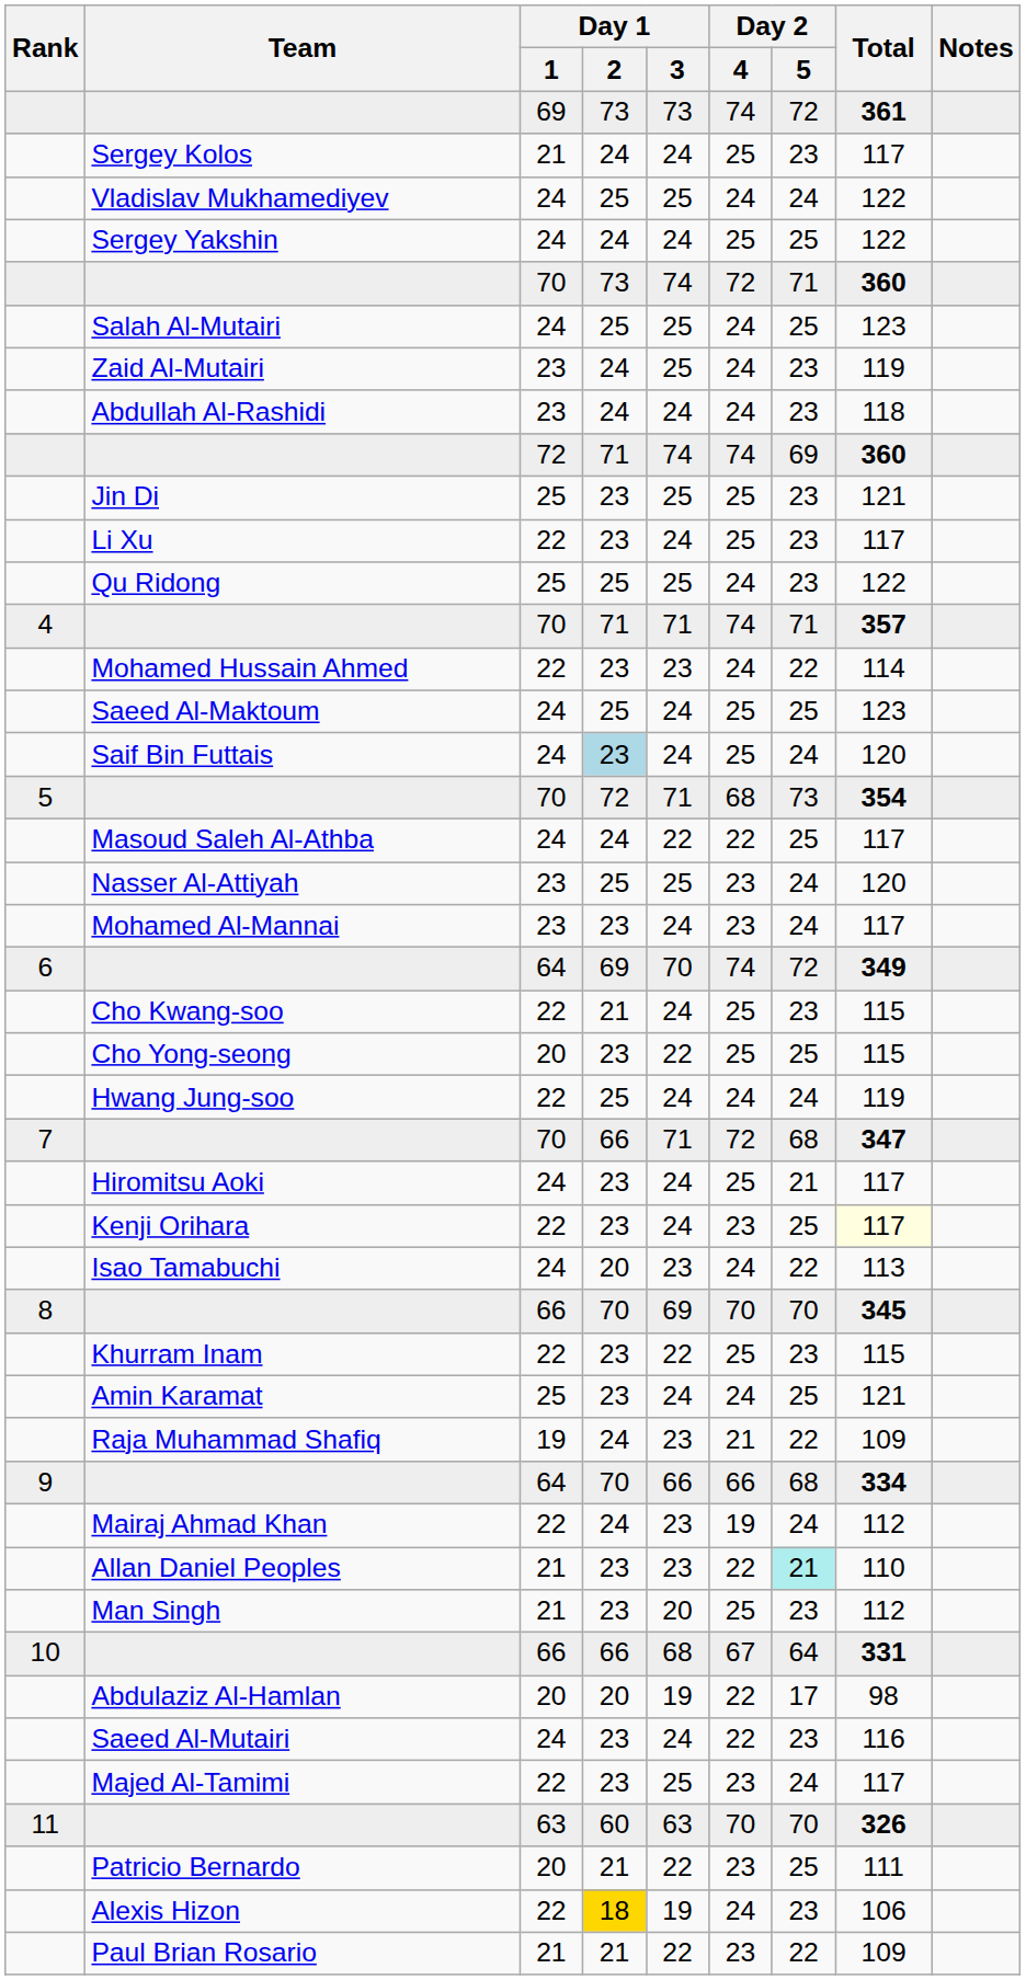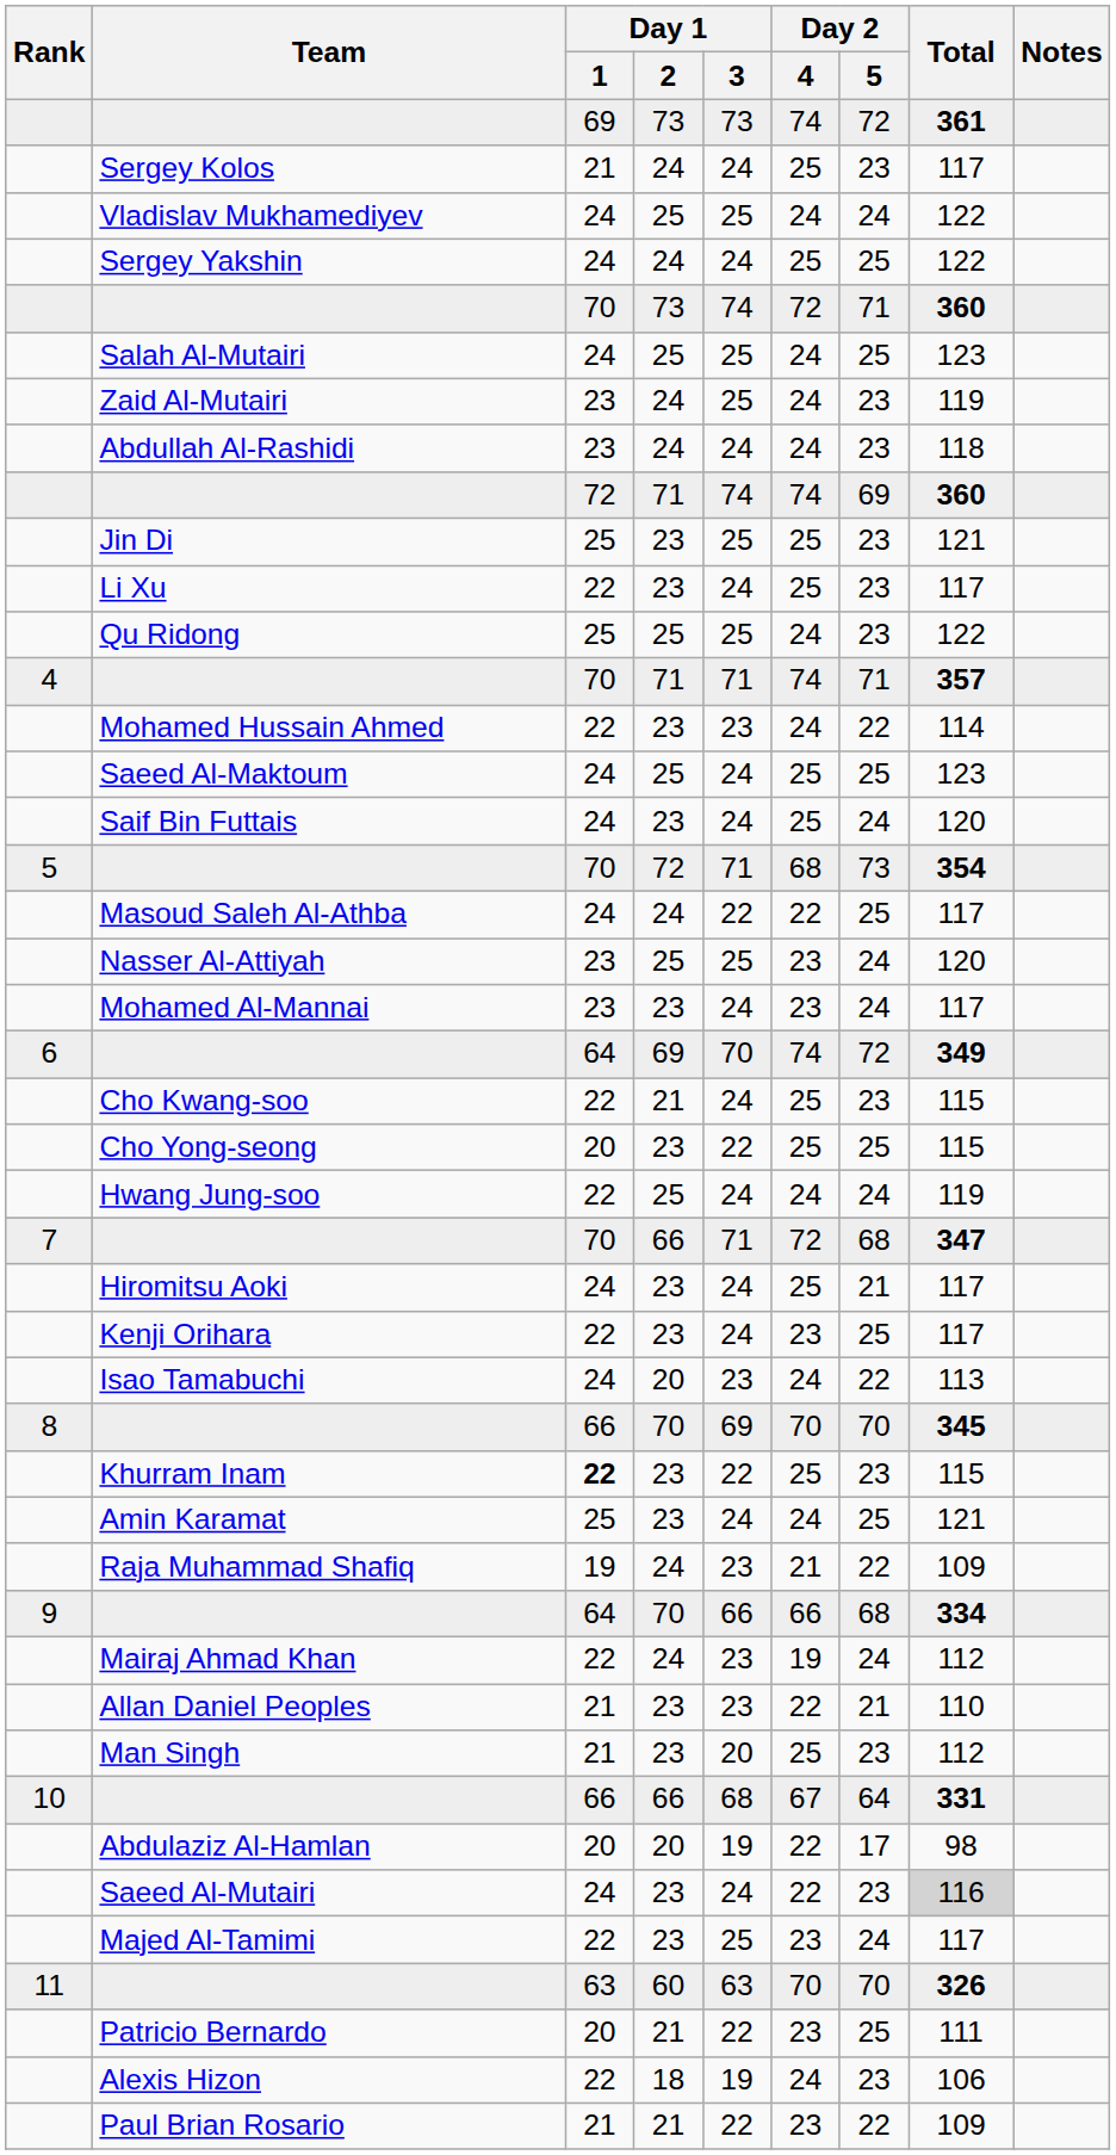 <table class="wikitable" style="text-align:center">
 <tr>
 <th rowspan=2 width=40>Rank</th>
 <th rowspan=2 width=250>Team</th>
 <th colspan=3>Day 1</th>
 <th colspan=2>Day 2</th>
 <th rowspan=2 width=50>Total</th>
 <th rowspan=2 width=45>Notes</th>
 </tr>
 <tr>
 <th width=30>1</th>
 <th width=30>2</th>
 <th width=30>3</th>
 <th width=30>4</th>
 <th width=30>5</th>
 </tr>
 <tr bgcolor=eeeeee>
 <td></td>
 <td align=left></td>
 <td>69</td>
 <td>73</td>
 <td>73</td>
 <td>74</td>
 <td>72</td>
 <td><strong>361</strong></td>
 <td></td>
 </tr>
 <tr>
 <td></td>
 <td align=left><a href='#'>Sergey Kolos</a></td>
 <td>21</td>
 <td>24</td>
 <td>24</td>
 <td>25</td>
 <td>23</td>
 <td>117</td>
 <td></td>
 </tr>
 <tr>
 <td></td>
 <td align=left><a href='#'>Vladislav Mukhamediyev</a></td>
 <td>24</td>
 <td>25</td>
 <td>25</td>
 <td>24</td>
 <td>24</td>
 <td>122</td>
 <td></td>
 </tr>
 <tr>
 <td></td>
 <td align=left><a href='#'>Sergey Yakshin</a></td>
 <td>24</td>
 <td>24</td>
 <td>24</td>
 <td>25</td>
 <td>25</td>
 <td>122</td>
 <td></td>
 </tr>
 <tr bgcolor=eeeeee>
 <td></td>
 <td align=left></td>
 <td>70</td>
 <td>73</td>
 <td>74</td>
 <td>72</td>
 <td>71</td>
 <td><strong>360</strong></td>
 <td></td>
 </tr>
 <tr>
 <td></td>
 <td align=left><a href='#'>Salah Al-Mutairi</a></td>
 <td>24</td>
 <td>25</td>
 <td>25</td>
 <td>24</td>
 <td>25</td>
 <td>123</td>
 <td></td>
 </tr>
 <tr>
 <td></td>
 <td align=left><a href='#'>Zaid Al-Mutairi</a></td>
 <td>23</td>
 <td>24</td>
 <td>25</td>
 <td>24</td>
 <td>23</td>
 <td>119</td>
 <td></td>
 </tr>
 <tr>
 <td></td>
 <td align=left><a href='#'>Abdullah Al-Rashidi</a></td>
 <td>23</td>
 <td>24</td>
 <td>24</td>
 <td>24</td>
 <td>23</td>
 <td>118</td>
 <td></td>
 </tr>
 <tr bgcolor=eeeeee>
 <td></td>
 <td align=left></td>
 <td>72</td>
 <td>71</td>
 <td>74</td>
 <td>74</td>
 <td>69</td>
 <td><strong>360</strong></td>
 <td></td>
 </tr>
 <tr>
 <td></td>
 <td align=left><a href='#'>Jin Di</a></td>
 <td>25</td>
 <td>23</td>
 <td>25</td>
 <td>25</td>
 <td>23</td>
 <td>121</td>
 <td></td>
 </tr>
 <tr>
 <td></td>
 <td align=left><a href='#'>Li Xu</a></td>
 <td>22</td>
 <td>23</td>
 <td>24</td>
 <td>25</td>
 <td>23</td>
 <td>117</td>
 <td></td>
 </tr>
 <tr>
 <td></td>
 <td align=left><a href='#'>Qu Ridong</a></td>
 <td>25</td>
 <td>25</td>
 <td>25</td>
 <td>24</td>
 <td>23</td>
 <td>122</td>
 <td></td>
 </tr>
 <tr bgcolor=eeeeee>
 <td>4</td>
 <td align=left></td>
 <td>70</td>
 <td>71</td>
 <td>71</td>
 <td>74</td>
 <td>71</td>
 <td><strong>357</strong></td>
 <td></td>
 </tr>
 <tr>
 <td></td>
 <td align=left><a href='#'>Mohamed Hussain Ahmed</a></td>
 <td>22</td>
 <td>23</td>
 <td>23</td>
 <td>24</td>
 <td>22</td>
 <td>114</td>
 <td></td>
 </tr>
 <tr>
 <td></td>
 <td align=left><a href='#'>Saeed Al-Maktoum</a></td>
 <td>24</td>
 <td>25</td>
 <td>24</td>
 <td>25</td>
 <td>25</td>
 <td>123</td>
 <td></td>
 </tr>
 <tr>
 <td></td>
 <td align=left><a href='#'>Saif Bin Futtais</a></td>
 <td>24</td>
-<td style="background: lightblue;">23</td>
+<td>23</td>
 <td>24</td>
 <td>25</td>
 <td>24</td>
 <td>120</td>
 <td></td>
 </tr>
 <tr bgcolor=eeeeee>
 <td>5</td>
 <td align=left></td>
 <td>70</td>
 <td>72</td>
 <td>71</td>
 <td>68</td>
 <td>73</td>
 <td><strong>354</strong></td>
 <td></td>
 </tr>
 <tr>
 <td></td>
 <td align=left><a href='#'>Masoud Saleh Al-Athba</a></td>
 <td>24</td>
 <td>24</td>
 <td>22</td>
 <td>22</td>
 <td>25</td>
 <td>117</td>
 <td></td>
 </tr>
 <tr>
 <td></td>
 <td align=left><a href='#'>Nasser Al-Attiyah</a></td>
 <td>23</td>
 <td>25</td>
 <td>25</td>
 <td>23</td>
 <td>24</td>
 <td>120</td>
 <td></td>
 </tr>
 <tr>
 <td></td>
 <td align=left><a href='#'>Mohamed Al-Mannai</a></td>
 <td>23</td>
 <td>23</td>
 <td>24</td>
 <td>23</td>
 <td>24</td>
 <td>117</td>
 <td></td>
 </tr>
 <tr bgcolor=eeeeee>
 <td>6</td>
 <td align=left></td>
 <td>64</td>
 <td>69</td>
 <td>70</td>
 <td>74</td>
 <td>72</td>
 <td><strong>349</strong></td>
 <td></td>
 </tr>
 <tr>
 <td></td>
 <td align=left><a href='#'>Cho Kwang-soo</a></td>
 <td>22</td>
 <td>21</td>
 <td>24</td>
 <td>25</td>
 <td>23</td>
 <td>115</td>
 <td></td>
 </tr>
 <tr>
 <td></td>
 <td align=left><a href='#'>Cho Yong-seong</a></td>
 <td>20</td>
 <td>23</td>
 <td>22</td>
 <td>25</td>
 <td>25</td>
 <td>115</td>
 <td></td>
 </tr>
 <tr>
 <td></td>
 <td align=left><a href='#'>Hwang Jung-soo</a></td>
 <td>22</td>
 <td>25</td>
 <td>24</td>
 <td>24</td>
 <td>24</td>
 <td>119</td>
 <td></td>
 </tr>
 <tr bgcolor=eeeeee>
 <td>7</td>
 <td align=left></td>
 <td>70</td>
 <td>66</td>
 <td>71</td>
 <td>72</td>
 <td>68</td>
 <td><strong>347</strong></td>
 <td></td>
 </tr>
 <tr>
 <td></td>
 <td align=left><a href='#'>Hiromitsu Aoki</a></td>
 <td>24</td>
 <td>23</td>
 <td>24</td>
 <td>25</td>
 <td>21</td>
 <td>117</td>
 <td></td>
 </tr>
 <tr>
 <td></td>
 <td align=left><a href='#'>Kenji Orihara</a></td>
 <td>22</td>
 <td>23</td>
 <td>24</td>
 <td>23</td>
 <td>25</td>
-<td style="background: lightyellow;">117</td>
+<td>117</td>
 <td></td>
 </tr>
 <tr>
 <td></td>
 <td align=left><a href='#'>Isao Tamabuchi</a></td>
 <td>24</td>
 <td>20</td>
 <td>23</td>
 <td>24</td>
 <td>22</td>
 <td>113</td>
 <td></td>
 </tr>
 <tr bgcolor=eeeeee>
 <td>8</td>
 <td align=left></td>
 <td>66</td>
 <td>70</td>
 <td>69</td>
 <td>70</td>
 <td>70</td>
 <td><strong>345</strong></td>
 <td></td>
 </tr>
 <tr>
 <td></td>
 <td align=left><a href='#'>Khurram Inam</a></td>
-<td>22</td>
+<td><strong>22</strong></td>
 <td>23</td>
 <td>22</td>
 <td>25</td>
 <td>23</td>
 <td>115</td>
 <td></td>
 </tr>
 <tr>
 <td></td>
 <td align=left><a href='#'>Amin Karamat</a></td>
 <td>25</td>
 <td>23</td>
 <td>24</td>
 <td>24</td>
 <td>25</td>
 <td>121</td>
 <td></td>
 </tr>
 <tr>
 <td></td>
 <td align=left><a href='#'>Raja Muhammad Shafiq</a></td>
 <td>19</td>
 <td>24</td>
 <td>23</td>
 <td>21</td>
 <td>22</td>
 <td>109</td>
 <td></td>
 </tr>
 <tr bgcolor=eeeeee>
 <td>9</td>
 <td align=left></td>
 <td>64</td>
 <td>70</td>
 <td>66</td>
 <td>66</td>
 <td>68</td>
 <td><strong>334</strong></td>
 <td></td>
 </tr>
 <tr>
 <td></td>
 <td align=left><a href='#'>Mairaj Ahmad Khan</a></td>
 <td>22</td>
 <td>24</td>
 <td>23</td>
 <td>19</td>
 <td>24</td>
 <td>112</td>
 <td></td>
 </tr>
 <tr>
 <td></td>
 <td align=left><a href='#'>Allan Daniel Peoples</a></td>
 <td>21</td>
 <td>23</td>
 <td>23</td>
 <td>22</td>
-<td style="background: paleturquoise;">21</td>
+<td>21</td>
 <td>110</td>
 <td></td>
 </tr>
 <tr>
 <td></td>
 <td align=left><a href='#'>Man Singh</a></td>
 <td>21</td>
 <td>23</td>
 <td>20</td>
 <td>25</td>
 <td>23</td>
 <td>112</td>
 <td></td>
 </tr>
 <tr bgcolor=eeeeee>
 <td>10</td>
 <td align=left></td>
 <td>66</td>
 <td>66</td>
 <td>68</td>
 <td>67</td>
 <td>64</td>
 <td><strong>331</strong></td>
 <td></td>
 </tr>
 <tr>
 <td></td>
 <td align=left><a href='#'>Abdulaziz Al-Hamlan</a></td>
 <td>20</td>
 <td>20</td>
 <td>19</td>
 <td>22</td>
 <td>17</td>
 <td>98</td>
 <td></td>
 </tr>
 <tr>
 <td></td>
 <td align=left><a href='#'>Saeed Al-Mutairi</a></td>
 <td>24</td>
 <td>23</td>
 <td>24</td>
 <td>22</td>
 <td>23</td>
-<td>116</td>
+<td style="background: lightgrey;">116</td>
 <td></td>
 </tr>
 <tr>
 <td></td>
 <td align=left><a href='#'>Majed Al-Tamimi</a></td>
 <td>22</td>
 <td>23</td>
 <td>25</td>
 <td>23</td>
 <td>24</td>
 <td>117</td>
 <td></td>
 </tr>
 <tr bgcolor=eeeeee>
 <td>11</td>
 <td align=left></td>
 <td>63</td>
 <td>60</td>
 <td>63</td>
 <td>70</td>
 <td>70</td>
 <td><strong>326</strong></td>
 <td></td>
 </tr>
 <tr>
 <td></td>
 <td align=left><a href='#'>Patricio Bernardo</a></td>
 <td>20</td>
 <td>21</td>
 <td>22</td>
 <td>23</td>
 <td>25</td>
 <td>111</td>
 <td></td>
 </tr>
 <tr>
 <td></td>
 <td align=left><a href='#'>Alexis Hizon</a></td>
 <td>22</td>
-<td style="background: gold;">18</td>
+<td>18</td>
 <td>19</td>
 <td>24</td>
 <td>23</td>
 <td>106</td>
 <td></td>
 </tr>
 <tr>
 <td></td>
 <td align=left><a href='#'>Paul Brian Rosario</a></td>
 <td>21</td>
 <td>21</td>
 <td>22</td>
 <td>23</td>
 <td>22</td>
 <td>109</td>
 <td></td>
 </tr>
 </table>
